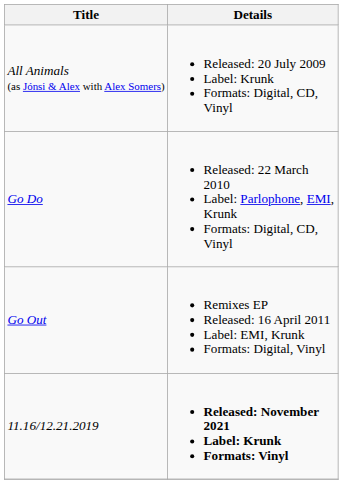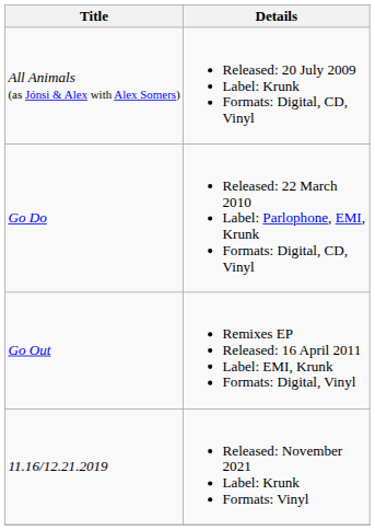 <table class="wikitable">
 <tr>
 <th>Title</th>
 <th style="width:200px;">Details</th>
 </tr>
 <tr>
 <td><em>All Animals</em><br><small>(as <a href='#'>Jónsi & Alex</a> with <a href='#'>Alex Somers</a>)</small></td>
 <td><br><ul><li>Released: 20 July 2009</li><li>Label: Krunk</li><li>Formats: Digital, CD, Vinyl</li></ul></td>
 </tr>
 <tr>
 <td><em><a href='#'>Go Do</a></em></td>
 <td><br><ul><li>Released: 22 March 2010</li><li>Label: <a href='#'>Parlophone</a>, <a href='#'>EMI</a>, Krunk</li><li>Formats: Digital, CD, Vinyl</li></ul></td>
 </tr>
 <tr>
 <td><em><a href='#'>Go Out</a></em></td>
 <td><br><ul><li>Remixes EP</li><li>Released: 16 April 2011</li><li>Label: EMI, Krunk</li><li>Formats: Digital, Vinyl</li></ul></td>
 </tr>
 <tr>
 <td><em>11.16/12.21.2019</em></td>
-<td><strong><br><ul><li>Released: November 2021</li><li>Label: Krunk</li><li>Formats: Vinyl</li></ul></strong></td>
+<td><br><ul><li>Released: November 2021</li><li>Label: Krunk</li><li>Formats: Vinyl</li></ul></td>
 </tr>
 <tr>
 </tr>
 </table>
